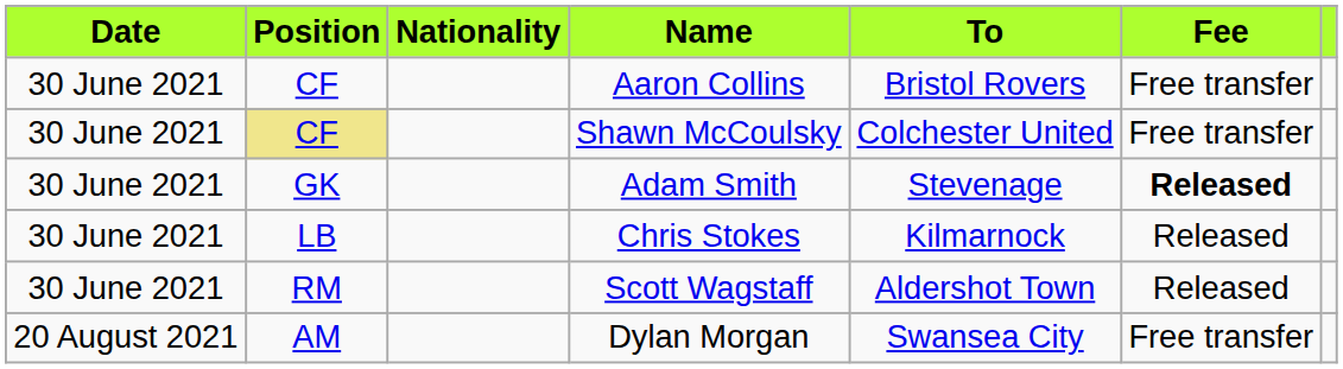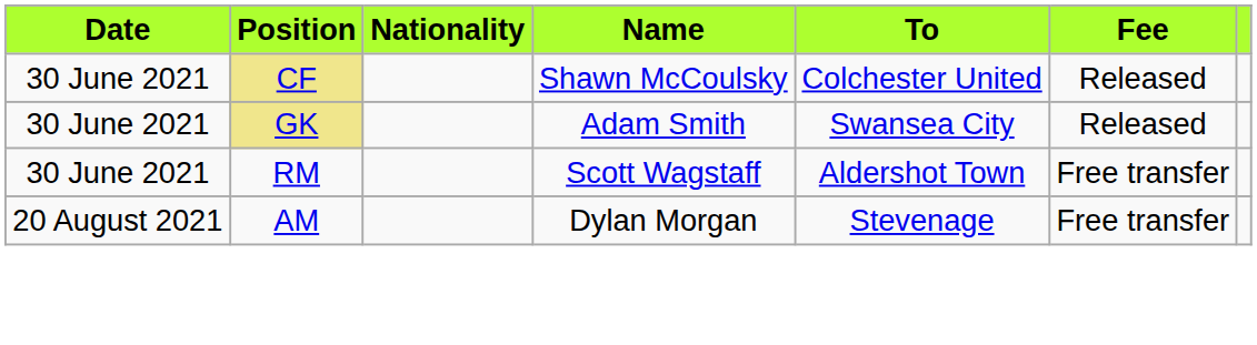 <table class="wikitable"  style="text-align:center; font-size:90%; ">
 <tr>
 <th style="background:#ADFF2F;color:black;">Date</th>
 <th style="background:#ADFF2F;color:black;">Position</th>
 <th style="background:#ADFF2F;color:black;">Nationality</th>
 <th style="background:#ADFF2F;color:black;">Name</th>
 <th style="background:#ADFF2F;color:black;">To</th>
 <th style="background:#ADFF2F;color:black;">Fee</th>
 <th style="background:#ADFF2F;color:black;"></th>
 </tr>
 <tr>
 <td>30 June 2021</td>
-<td><a href='#'>CF</a></td>
+<td style="background: khaki;"><a href='#'>CF</a></td>
 <td></td>
-<td><a href='#'>Aaron Collins</a></td>
-<td> <a href='#'>Bristol Rovers</a></td>
-<td>Free transfer</td>
+<td><a href='#'>Shawn McCoulsky</a></td>
+<td> <a href='#'>Colchester United</a></td>
+<td>Released</td>
 <td></td>
 </tr>
 <tr>
 <td>30 June 2021</td>
-<td style="background: khaki;"><a href='#'>CF</a></td>
-<td></td>
-<td><a href='#'>Shawn McCoulsky</a></td>
-<td> <a href='#'>Colchester United</a></td>
-<td>Free transfer</td>
-<td></td>
-</tr>
-<tr>
-<td>30 June 2021</td>
-<td><a href='#'>GK</a></td>
+<td style="background: khaki;"><a href='#'>GK</a></td>
 <td></td>
 <td><a href='#'>Adam Smith</a></td>
-<td> <a href='#'>Stevenage</a></td>
-<td><strong>Released</strong></td>
-<td></td>
-</tr>
-<tr>
-<td>30 June 2021</td>
-<td><a href='#'>LB</a></td>
-<td></td>
-<td><a href='#'>Chris Stokes</a></td>
-<td> <a href='#'>Kilmarnock</a></td>
+<td> <a href='#'>Swansea City</a></td>
 <td>Released</td>
 <td></td>
 </tr>
 <tr>
 <td>30 June 2021</td>
 <td><a href='#'>RM</a></td>
 <td></td>
 <td><a href='#'>Scott Wagstaff</a></td>
 <td> <a href='#'>Aldershot Town</a></td>
-<td>Released</td>
+<td>Free transfer</td>
 <td></td>
 </tr>
 <tr>
 <td>20 August 2021</td>
 <td><a href='#'>AM</a></td>
 <td></td>
 <td>Dylan Morgan</td>
-<td> <a href='#'>Swansea City</a></td>
+<td> <a href='#'>Stevenage</a></td>
 <td>Free transfer</td>
 <td></td>
 </tr>
 </table>
